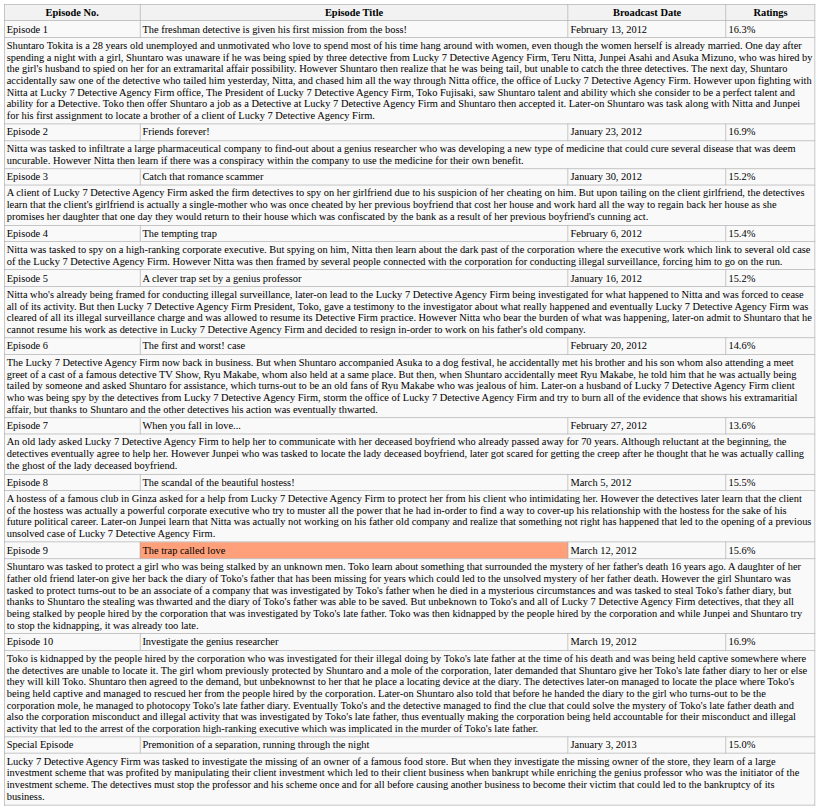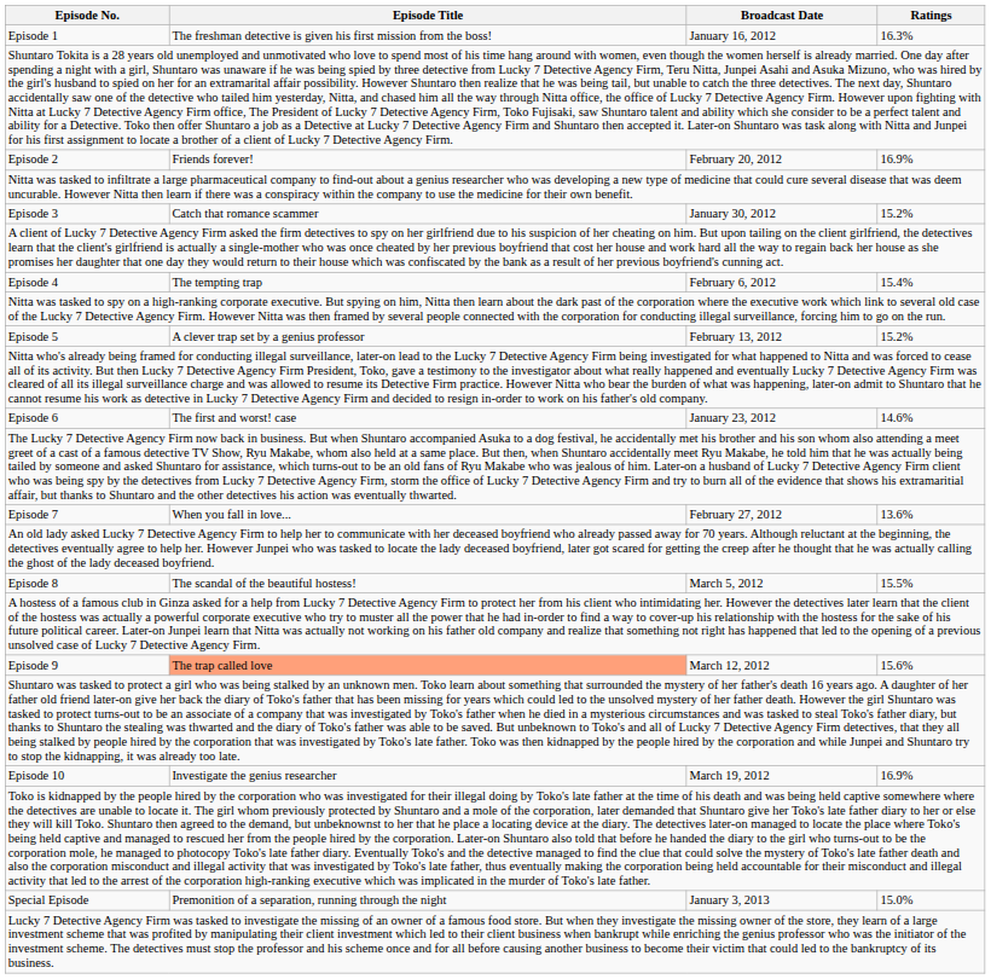 <table class="wikitable">
 <tr>
 <th>Episode No.</th>
 <th>Episode Title</th>
 <th>Broadcast Date</th>
 <th>Ratings</th>
 </tr>
 <tr>
 <td>Episode 1</td>
 <td>The freshman detective is given his first mission from the boss!</td>
-<td>February 13, 2012</td>
+<td>January 16, 2012</td>
 <td>16.3%</td>
 </tr>
 <tr>
 <td colspan="4">Shuntaro Tokita is a 28 years old unemployed and unmotivated who love to spend most of his time hang around with women, even though the women herself is already married. One day after spending a night with a girl, Shuntaro was unaware if he was being spied by three detective from Lucky 7 Detective Agency Firm, Teru Nitta, Junpei Asahi and Asuka Mizuno, who was hired by the girl's husband to spied on her for an extramarital affair possibility. However Shuntaro then realize that he was being tail, but unable to catch the three detectives. The next day, Shuntaro accidentally saw one of the detective who tailed him yesterday, Nitta, and chased him all the way through Nitta office, the office of Lucky 7 Detective Agency Firm. However upon fighting with Nitta at Lucky 7 Detective Agency Firm office, The President of Lucky 7 Detective Agency Firm, Toko Fujisaki, saw Shuntaro talent and ability which she consider to be a perfect talent and ability for a Detective. Toko then offer Shuntaro a job as a Detective at Lucky 7 Detective Agency Firm and Shuntaro then accepted it. Later-on Shuntaro was task along with Nitta and Junpei for his first assignment to locate a brother of a client of Lucky 7 Detective Agency Firm.</td>
 </tr>
 <tr>
 <td>Episode 2</td>
 <td>Friends forever!</td>
-<td>January 23, 2012</td>
+<td>February 20, 2012</td>
 <td>16.9%</td>
 </tr>
 <tr>
 <td colspan="4">Nitta was tasked to infiltrate a large pharmaceutical company to find-out about a genius researcher who was developing a new type of medicine that could cure several disease that was deem uncurable. However Nitta then learn if there was a conspiracy within the company to use the medicine for their own benefit.</td>
 </tr>
 <tr>
 <td>Episode 3</td>
 <td>Catch that romance scammer</td>
 <td>January 30, 2012</td>
 <td>15.2%</td>
 </tr>
 <tr>
 <td colspan="4">A client of Lucky 7 Detective Agency Firm asked the firm detectives to spy on her girlfriend due to his suspicion of her cheating on him. But upon tailing on the client girlfriend, the detectives learn that the client's girlfriend is actually a single-mother who was once cheated by her previous boyfriend that cost her house and work hard all the way to regain back her house as she promises her daughter that one day they would return to their house which was confiscated by the bank as a result of her previous boyfriend's cunning act.</td>
 </tr>
 <tr>
 <td>Episode 4</td>
 <td>The tempting trap</td>
 <td>February 6, 2012</td>
 <td>15.4%</td>
 </tr>
 <tr>
 <td colspan="4">Nitta was tasked to spy on a high-ranking corporate executive. But spying on him, Nitta then learn about the dark past of the corporation where the executive work which link to several old case of the Lucky 7 Detective Agency Firm. However Nitta was then framed by several people connected with the corporation for conducting illegal surveillance, forcing him to go on the run.</td>
 </tr>
 <tr>
 <td>Episode 5</td>
 <td>A clever trap set by a genius professor</td>
-<td>January 16, 2012</td>
+<td>February 13, 2012</td>
 <td>15.2%</td>
 </tr>
 <tr>
 <td colspan="4">Nitta who's already being framed for conducting illegal surveillance, later-on lead to the Lucky 7 Detective Agency Firm being investigated for what happened to Nitta and was forced to cease all of its activity. But then Lucky 7 Detective Agency Firm President, Toko, gave a testimony to the investigator about what really happened and eventually Lucky 7 Detective Agency Firm was cleared of all its illegal surveillance charge and was allowed to resume its Detective Firm practice. However Nitta who bear the burden of what was happening, later-on admit to Shuntaro that he cannot resume his work as detective in Lucky 7 Detective Agency Firm and decided to resign in-order to work on his father's old company.</td>
 </tr>
 <tr>
 <td>Episode 6</td>
 <td>The first and worst! case</td>
-<td>February 20, 2012</td>
+<td>January 23, 2012</td>
 <td>14.6%</td>
 </tr>
 <tr>
 <td colspan="4">The Lucky 7 Detective Agency Firm now back in business. But when Shuntaro accompanied Asuka to a dog festival, he accidentally met his brother and his son whom also attending a meet greet of a cast of a famous detective TV Show, Ryu Makabe, whom also held at a same place. But then, when Shuntaro accidentally meet Ryu Makabe, he told him that he was actually being tailed by someone and asked Shuntaro for assistance, which turns-out to be an old fans of Ryu Makabe who was jealous of him. Later-on a husband of Lucky 7 Detective Agency Firm client who was being spy by the detectives from Lucky 7 Detective Agency Firm, storm the office of Lucky 7 Detective Agency Firm and try to burn all of the evidence that shows his extramaritial affair, but thanks to Shuntaro and the other detectives his action was eventually thwarted.</td>
 </tr>
 <tr>
 <td>Episode 7</td>
 <td>When you fall in love...</td>
 <td>February 27, 2012</td>
 <td>13.6%</td>
 </tr>
 <tr>
 <td colspan="4">An old lady asked Lucky 7 Detective Agency Firm to help her to communicate with her deceased boyfriend who already passed away for 70 years. Although reluctant at the beginning, the detectives eventually agree to help her. However Junpei who was tasked to locate the lady deceased boyfriend, later got scared for getting the creep after he thought that he was actually calling the ghost of the lady deceased boyfriend.</td>
 </tr>
 <tr>
 <td>Episode 8</td>
 <td>The scandal of the beautiful hostess!</td>
 <td>March 5, 2012</td>
 <td>15.5%</td>
 </tr>
 <tr>
 <td colspan="4">A hostess of a famous club in Ginza asked for a help from Lucky 7 Detective Agency Firm to protect her from his client who intimidating her. However the detectives later learn that the client of the hostess was actually a powerful corporate executive who try to muster all the power that he had in-order to find a way to cover-up his relationship with the hostess for the sake of his future political career. Later-on Junpei learn that Nitta was actually not working on his father old company and realize that something not right has happened that led to the opening of a previous unsolved case of Lucky 7 Detective Agency Firm.</td>
 </tr>
 <tr>
 <td>Episode 9</td>
 <td style="background: lightsalmon;">The trap called love</td>
 <td>March 12, 2012</td>
 <td>15.6%</td>
 </tr>
 <tr>
 <td colspan="4">Shuntaro was tasked to protect a girl who was being stalked by an unknown men. Toko learn about something that surrounded the mystery of her father's death 16 years ago. A daughter of her father old friend later-on give her back the diary of Toko's father that has been missing for years which could led to the unsolved mystery of her father death. However the girl Shuntaro was tasked to protect turns-out to be an associate of a company that was investigated by Toko's father when he died in a mysterious circumstances and was tasked to steal Toko's father diary, but thanks to Shuntaro the stealing was thwarted and the diary of Toko's father was able to be saved. But unbeknown to Toko's and all of Lucky 7 Detective Agency Firm detectives, that they all being stalked by people hired by the corporation that was investigated by Toko's late father. Toko was then kidnapped by the people hired by the corporation and while Junpei and Shuntaro try to stop the kidnapping, it was already too late.</td>
 </tr>
 <tr>
 <td>Episode 10</td>
 <td>Investigate the genius researcher</td>
 <td>March 19, 2012</td>
 <td>16.9%</td>
 </tr>
 <tr>
 <td colspan="4">Toko is kidnapped by the people hired by the corporation who was investigated for their illegal doing by Toko's late father at the time of his death and was being held captive somewhere where the detectives are unable to locate it. The girl whom previously protected by Shuntaro and a mole of the corporation, later demanded that Shuntaro give her Toko's late father diary to her or else they will kill Toko. Shuntaro then agreed to the demand, but unbeknownst to her that he place a locating device at the diary. The detectives later-on managed to locate the place where Toko's being held captive and managed to rescued her from the people hired by the corporation. Later-on Shuntaro also told that before he handed the diary to the girl who turns-out to be the corporation mole, he managed to photocopy Toko's late father diary. Eventually Toko's and the detective managed to find the clue that could solve the mystery of Toko's late father death and also the corporation misconduct and illegal activity that was investigated by Toko's late father, thus eventually making the corporation being held accountable for their misconduct and illegal activity that led to the arrest of the corporation high-ranking executive which was implicated in the murder of Toko's late father.</td>
 </tr>
 <tr>
 <td>Special Episode</td>
 <td>Premonition of a separation, running through the night</td>
 <td>January 3, 2013</td>
 <td>15.0%</td>
 </tr>
 <tr>
 <td colspan="4">Lucky 7 Detective Agency Firm was tasked to investigate the missing of an owner of a famous food store. But when they investigate the missing owner of the store, they learn of a large investment scheme that was profited by manipulating their client investment which led to their client business when bankrupt while enriching the genius professor who was the initiator of the investment scheme. The detectives must stop the professor and his scheme once and for all before causing another business to become their victim that could led to the bankruptcy of its business.</td>
 </tr>
 </table>
